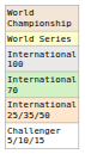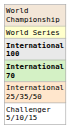 <table class=wikitable style=font-size:89%;width:15%>
 <tr style="background:#F3E6D7;">
 <td>World Championship</td>
 </tr>
 <tr style="background:#ffc;">
 <td>World Series</td>
 </tr>
 <tr style="background:#E9E9E9;">
-<td>International 100</td>
+<td><strong>International 100</strong></td>
 </tr>
 <tr style="background:#D4F1C5;">
-<td>International 70</td>
+<td><strong>International 70</strong></td>
 </tr>
 <tr style="background:#ffe6cc;">
 <td>International 25/35/50</td>
 </tr>
 <tr style="background:#fff;">
 <td>Challenger 5/10/15</td>
 </tr>
 </table>
